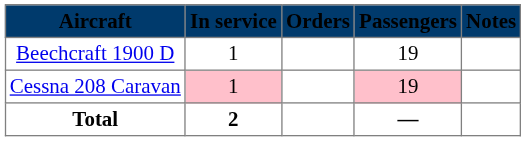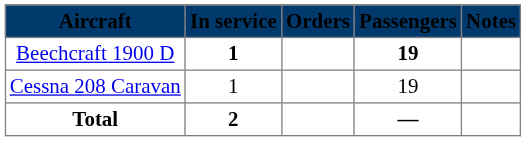 <table class="toccolours" border="1" cellpadding="3" style="margin:1em auto; border-collapse:collapse;text-align:center">
 <tr style="background:#003a6c;">
 <th><span>Aircraft</span></th>
 <th><span>In service</span></th>
 <th><span>Orders</span></th>
 <th><span>Passengers</span></th>
 <th><span>Notes</span></th>
 </tr>
 <tr>
 <td><a href='#'>Beechcraft 1900 D</a></td>
-<td>1</td>
+<td><strong>1</strong></td>
 <td></td>
-<td>19</td>
+<td><strong>19</strong></td>
 <td></td>
 </tr>
 <tr>
 <td><a href='#'>Cessna 208 Caravan</a></td>
-<td style="background: pink;">1</td>
+<td>1</td>
 <td></td>
-<td style="background: pink;">19</td>
+<td>19</td>
 <td></td>
 </tr>
 <tr>
 <th>Total</th>
 <th>2</th>
 <th></th>
 <th>—</th>
 <th colspan="4"></th>
 </tr>
 </table>
